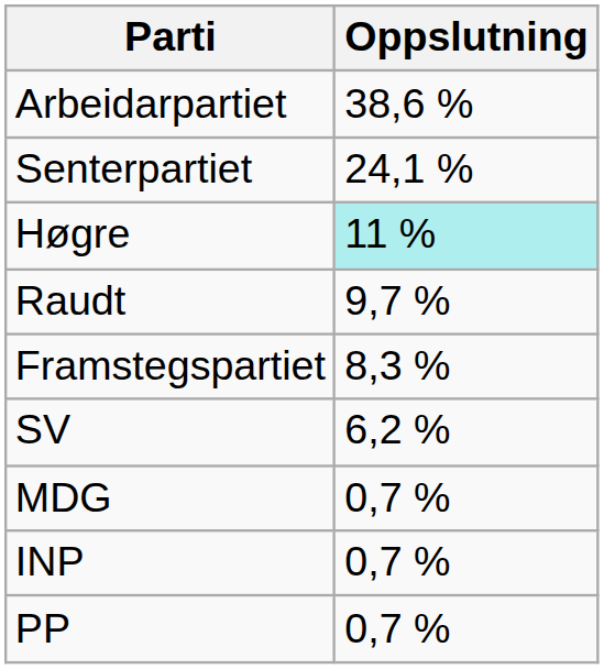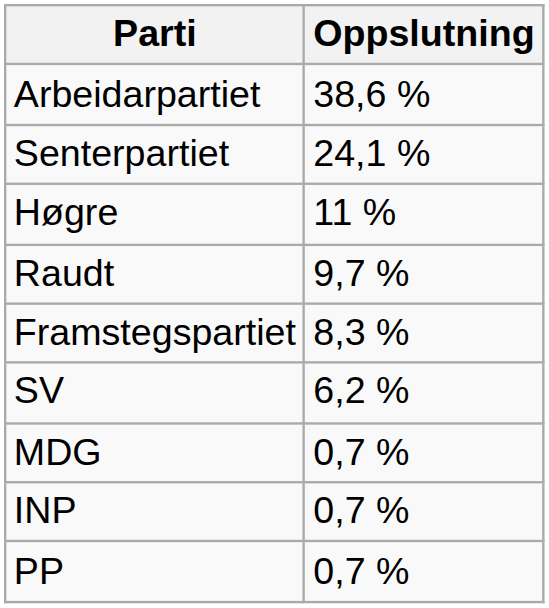 <table class="wikitable">
 <tr>
 <th>Parti</th>
 <th>Oppslutning</th>
 </tr>
 <tr>
 <td>Arbeidarpartiet</td>
 <td>38,6 %</td>
 </tr>
 <tr>
 <td>Senterpartiet</td>
 <td>24,1 %</td>
 </tr>
 <tr>
 <td>Høgre</td>
-<td style="background: paleturquoise;">11 %</td>
+<td>11 %</td>
 </tr>
 <tr>
 <td>Raudt</td>
 <td>9,7 %</td>
 </tr>
 <tr>
 <td>Framstegspartiet</td>
 <td>8,3 %</td>
 </tr>
 <tr>
 <td>SV</td>
 <td>6,2 %</td>
 </tr>
 <tr>
 <td>MDG</td>
 <td>0,7 %</td>
 </tr>
 <tr>
 <td>INP</td>
 <td>0,7 %</td>
 </tr>
 <tr>
 <td>PP</td>
 <td>0,7 %</td>
 </tr>
 </table>
